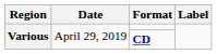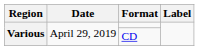 <table class="wikitable plainrowheaders">
 <tr>
 <th>Region</th>
 <th>Date</th>
 <th>Format</th>
 <th>Label</th>
 </tr>
 <tr>
 <th scope="row" rowspan="2">Various</th>
 <td rowspan="2">April 29, 2019</td>
 <td></td>
 <td rowspan="2"></td>
 </tr>
 <tr>
-<td><strong><a href='#'>CD</a></strong></td>
+<td><a href='#'>CD</a></td>
 </tr>
 </table>
